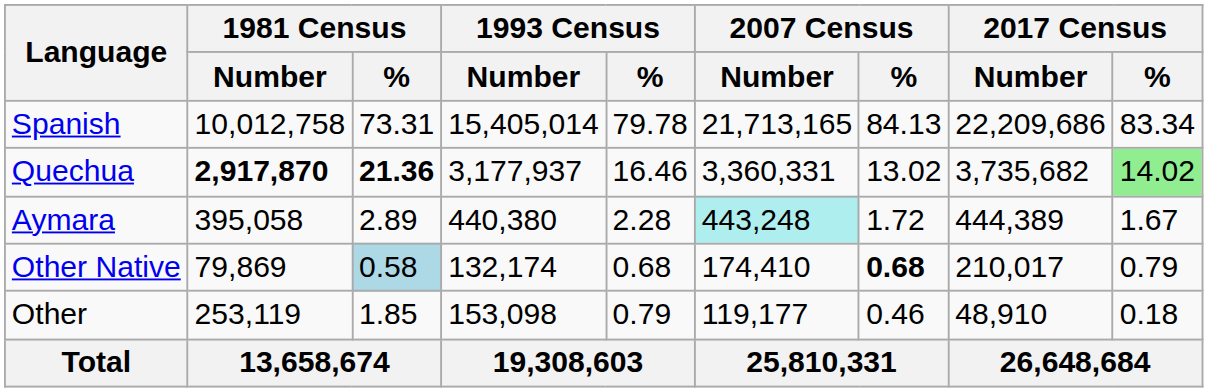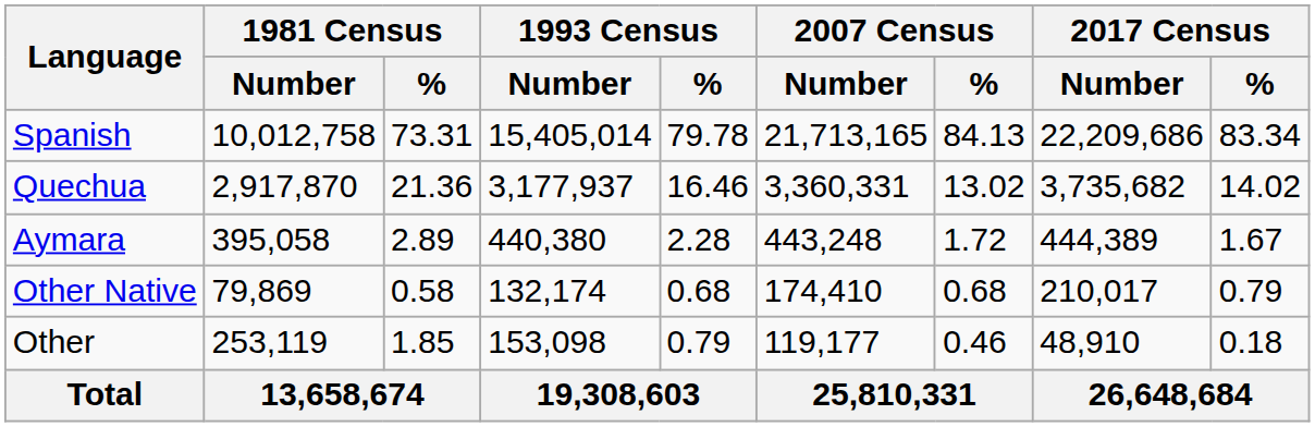 <table class="wikitable">
 <tr>
 <th rowspan="2"><strong>Language</strong></th>
 <th colspan="2"><strong>1981 Census</strong></th>
 <th colspan="2"><strong>1993 Census</strong></th>
 <th colspan="2"><strong>2007 Census</strong></th>
 <th colspan="2">2017 Census</th>
 </tr>
 <tr>
 <th><strong>Number</strong></th>
 <th><strong>%</strong></th>
 <th><strong>Number</strong></th>
 <th><strong>%</strong></th>
 <th><strong>Number</strong></th>
 <th><strong>%</strong></th>
 <th>Number</th>
 <th>%</th>
 </tr>
 <tr>
 <td><a href='#'>Spanish</a></td>
 <td>10,012,758</td>
 <td>73.31</td>
 <td>15,405,014</td>
 <td>79.78</td>
 <td>21,713,165</td>
 <td>84.13</td>
 <td>22,209,686</td>
 <td>83.34</td>
 </tr>
 <tr>
 <td><a href='#'>Quechua</a></td>
-<td><strong>2,917,870</strong></td>
-<td><strong>21.36</strong></td>
+<td>2,917,870</td>
+<td>21.36</td>
 <td>3,177,937</td>
 <td>16.46</td>
 <td>3,360,331</td>
 <td>13.02</td>
 <td>3,735,682</td>
-<td style="background: lightgreen;">14.02</td>
+<td>14.02</td>
 </tr>
 <tr>
 <td><a href='#'>Aymara</a></td>
 <td>395,058</td>
 <td>2.89</td>
 <td>440,380</td>
 <td>2.28</td>
-<td style="background: paleturquoise;">443,248</td>
+<td>443,248</td>
 <td>1.72</td>
 <td>444,389</td>
 <td>1.67</td>
 </tr>
 <tr>
 <td><a href='#'>Other Native</a></td>
 <td>79,869</td>
-<td style="background: lightblue;">0.58</td>
+<td>0.58</td>
 <td>132,174</td>
 <td>0.68</td>
 <td>174,410</td>
-<td><strong>0.68</strong></td>
+<td>0.68</td>
 <td>210,017</td>
 <td>0.79</td>
 </tr>
 <tr>
 <td>Other</td>
 <td>253,119</td>
 <td>1.85</td>
 <td>153,098</td>
 <td>0.79</td>
 <td>119,177</td>
 <td>0.46</td>
 <td>48,910</td>
 <td>0.18</td>
 </tr>
 <tr>
 <th>Total</th>
 <th colspan="2">13,658,674</th>
 <th colspan="2">19,308,603</th>
 <th colspan="2">25,810,331</th>
 <th colspan="2">26,648,684</th>
 </tr>
 </table>
